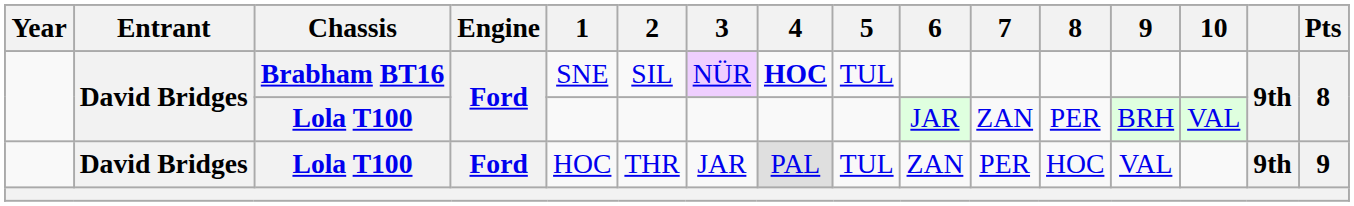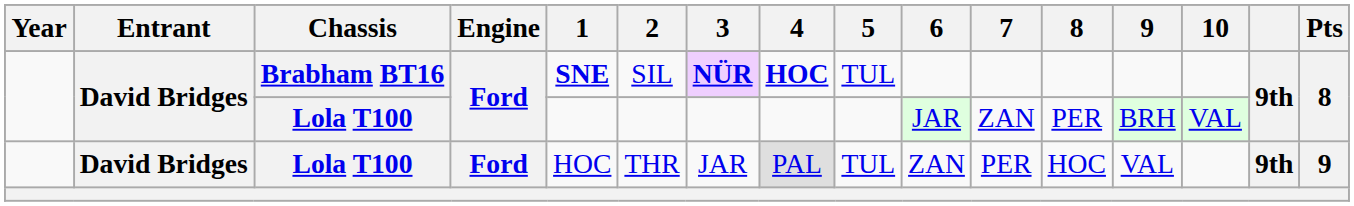 <table class="wikitable" style="text-align:center; font-size:90%">
 <tr>
 <th>Year</th>
 <th>Entrant</th>
 <th>Chassis</th>
 <th>Engine</th>
 <th>1</th>
 <th>2</th>
 <th>3</th>
 <th>4</th>
 <th>5</th>
 <th>6</th>
 <th>7</th>
 <th>8</th>
 <th>9</th>
 <th>10</th>
 <th></th>
 <th>Pts</th>
 </tr>
 <tr>
 <td rowspan=2></td>
 <th rowspan=2>David Bridges</th>
 <th><a href='#'>Brabham</a> <a href='#'>BT16</a></th>
 <th rowspan=2><a href='#'>Ford</a></th>
-<td><a href='#'>SNE</a></td>
+<td><strong><a href='#'>SNE</a></strong></td>
 <td><a href='#'>SIL</a></td>
-<td style="background:#EFCFFF;"><a href='#'>NÜR</a><br></td>
+<td style="background:#EFCFFF;"><strong><a href='#'>NÜR</a><br></strong></td>
 <td><strong><a href='#'>HOC</a></strong></td>
 <td><a href='#'>TUL</a></td>
 <td></td>
 <td></td>
 <td></td>
 <td></td>
 <td></td>
 <th rowspan=2>9th</th>
 <th rowspan=2>8</th>
 </tr>
 <tr>
 <th><a href='#'>Lola</a> <a href='#'>T100</a></th>
 <td></td>
 <td></td>
 <td></td>
 <td></td>
 <td></td>
 <td style="background:#DFFFDF;"><a href='#'>JAR</a><br></td>
 <td><a href='#'>ZAN</a></td>
 <td><a href='#'>PER</a></td>
 <td style="background:#DFFFDF;"><a href='#'>BRH</a><br></td>
 <td style="background:#DFFFDF;"><a href='#'>VAL</a><br></td>
 </tr>
 <tr>
 <td></td>
 <th>David Bridges</th>
 <th><a href='#'>Lola</a> <a href='#'>T100</a></th>
 <th><a href='#'>Ford</a></th>
 <td><a href='#'>HOC</a></td>
 <td><a href='#'>THR</a></td>
 <td><a href='#'>JAR</a></td>
 <td style="background:#DFDFDF;"><a href='#'>PAL</a><br></td>
 <td><a href='#'>TUL</a></td>
 <td><a href='#'>ZAN</a></td>
 <td><a href='#'>PER</a></td>
 <td><a href='#'>HOC</a></td>
 <td><a href='#'>VAL</a></td>
 <td></td>
 <th>9th</th>
 <th>9</th>
 </tr>
 <tr>
 <th colspan=16></th>
 </tr>
 </table>
